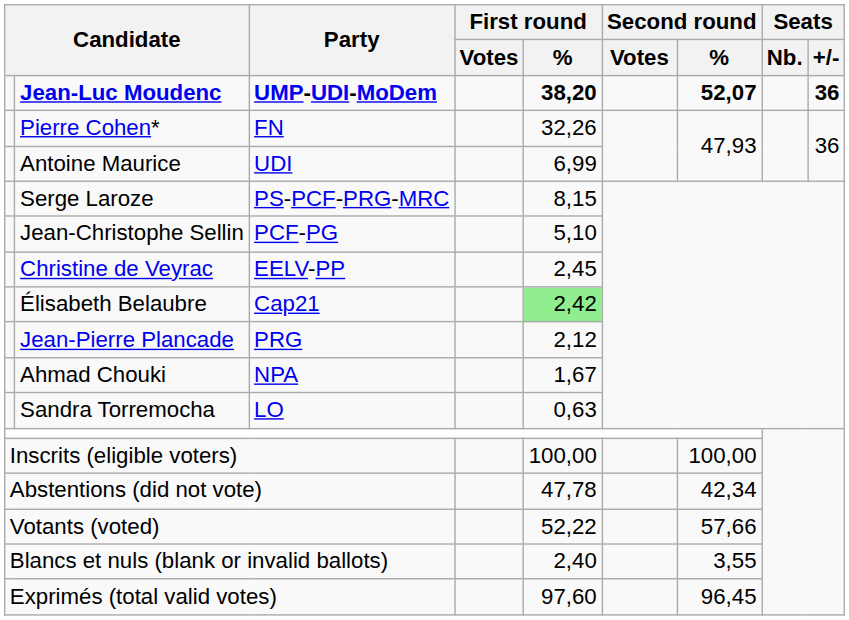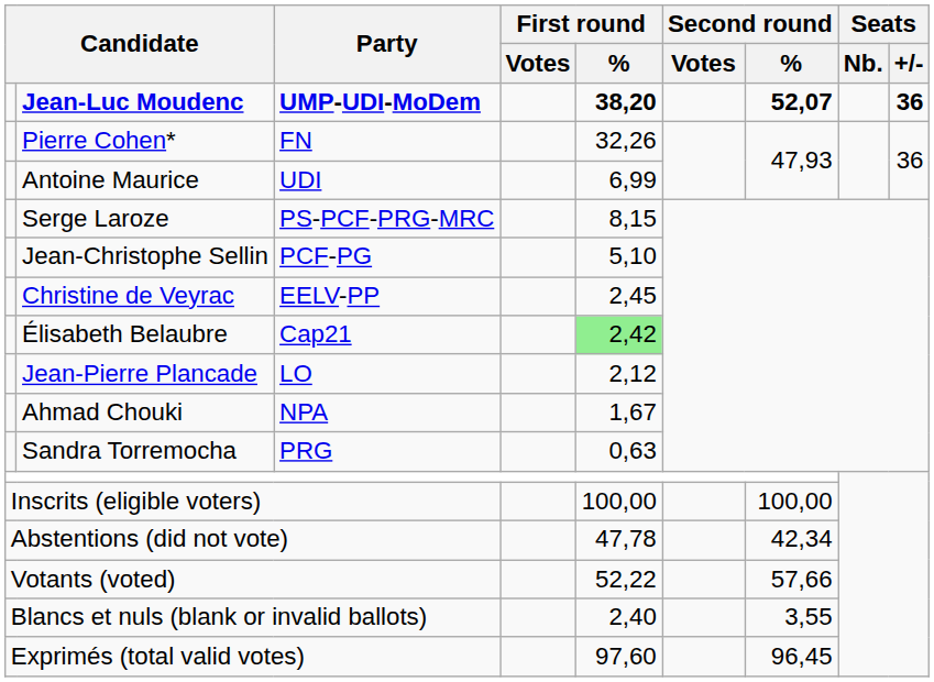 <table class="wikitable centre">
 <tr>
 <th scope="col" rowspan=2 colspan=2>Candidate</th>
 <th scope="col" rowspan=2 colspan=1>Party</th>
 <th scope="col" colspan=2>First round</th>
 <th scope="col" colspan=2>Second round</th>
 <th scope="col" colspan=2>Seats</th>
 </tr>
 <tr>
 <th scope="col">Votes</th>
 <th scope="col">%</th>
 <th scope="col">Votes</th>
 <th scope="col">%</th>
 <th scope="col">Nb.</th>
 <th scope="col">+/-</th>
 </tr>
 <tr>
 <td style="color:inherit;background:"></td>
 <td><strong><a href='#'>Jean-Luc Moudenc</a></strong></td>
 <td><strong><a href='#'>UMP</a>-<a href='#'>UDI</a>-<a href='#'>MoDem</a></strong></td>
 <td style="text-align: right"><strong></strong></td>
 <td style="text-align: right"><strong>38,20</strong></td>
 <td style="text-align: right"><strong></strong></td>
 <td style="text-align: right"><strong>52,07</strong></td>
 <td style="text-align: right"><strong></strong></td>
 <td style="text-align: right"><strong> 36</strong></td>
 </tr>
 <tr>
 <td style="color:inherit;background:"></td>
 <td><a href='#'>Pierre Cohen</a>*</td>
 <td><a href='#'>FN</a></td>
 <td style="text-align: right"></td>
 <td style="text-align: right">32,26</td>
 <td style="text-align: right" rowspan=2></td>
 <td style="text-align: right" rowspan=2>47,93</td>
 <td style="text-align: right" rowspan=2></td>
 <td style="text-align: right" rowspan=2> 36</td>
 </tr>
 <tr>
 <td style="color:inherit;background:"></td>
 <td>Antoine Maurice</td>
 <td><a href='#'>UDI</a></td>
 <td style="text-align: right"></td>
 <td style="text-align: right">6,99</td>
 </tr>
 <tr>
 <td style="color:inherit;background:"></td>
 <td>Serge Laroze</td>
 <td><a href='#'>PS</a>-<a href='#'>PCF</a>-<a href='#'>PRG</a>-<a href='#'>MRC</a></td>
 <td style="text-align: right"></td>
 <td style="text-align: right">8,15</td>
 <td colspan=9 rowspan=7></td>
 </tr>
 <tr>
 <td style="color:inherit;background:"></td>
 <td>Jean-Christophe Sellin</td>
 <td><a href='#'>PCF</a>-<a href='#'>PG</a></td>
 <td style="text-align: right"></td>
 <td style="text-align: right">5,10</td>
 </tr>
 <tr>
 <td style="color:inherit;background:"></td>
 <td><a href='#'>Christine de Veyrac</a></td>
 <td><a href='#'>EELV</a>-<a href='#'>PP</a></td>
 <td style="text-align: right"></td>
 <td style="text-align: right">2,45</td>
 </tr>
 <tr>
 <td style="color:inherit;background:"></td>
 <td>Élisabeth Belaubre</td>
 <td><a href='#'>Cap21</a></td>
 <td style="text-align: right"></td>
 <td style="background: lightgreen; text-align: right">2,42</td>
 </tr>
 <tr>
 <td style="color:inherit;background:"></td>
 <td><a href='#'>Jean-Pierre Plancade</a></td>
-<td><a href='#'>PRG</a></td>
+<td><a href='#'>LO</a></td>
 <td style="text-align: right"></td>
 <td style="text-align: right">2,12</td>
 </tr>
 <tr>
 <td style="color:inherit;background:"></td>
 <td>Ahmad Chouki</td>
 <td><a href='#'>NPA</a></td>
 <td style="text-align: right"></td>
 <td style="text-align: right">1,67</td>
 </tr>
 <tr>
 <td style="color:inherit;background:"></td>
 <td>Sandra Torremocha</td>
-<td><a href='#'>LO</a></td>
+<td><a href='#'>PRG</a></td>
 <td style="text-align: right"></td>
 <td style="text-align: right">0,63</td>
 </tr>
 <tr bgcolor=white>
 <td colspan=7></td>
 </tr>
 <tr>
 <td colspan=3>Inscrits (eligible voters)</td>
 <td style="text-align: right"></td>
 <td style="text-align: right">100,00</td>
 <td style="text-align: right"></td>
 <td style="text-align: right">100,00</td>
 </tr>
 <tr>
 <td colspan=3>Abstentions (did not vote)</td>
 <td style="text-align: right"></td>
 <td style="text-align: right">47,78</td>
 <td style="text-align: right"></td>
 <td style="text-align: right">42,34</td>
 </tr>
 <tr>
 <td colspan=3>Votants (voted)</td>
 <td style="text-align: right"></td>
 <td style="text-align: right">52,22</td>
 <td style="text-align: right"></td>
 <td style="text-align: right">57,66</td>
 </tr>
 <tr>
 <td colspan=3>Blancs et nuls (blank or invalid ballots)</td>
 <td style="text-align: right"></td>
 <td style="text-align: right">2,40</td>
 <td style="text-align: right"></td>
 <td style="text-align: right">3,55</td>
 </tr>
 <tr>
 <td colspan=3>Exprimés (total valid votes)</td>
 <td style="text-align: right"></td>
 <td style="text-align: right">97,60</td>
 <td style="text-align: right"></td>
 <td style="text-align: right">96,45</td>
 </tr>
 </table>
